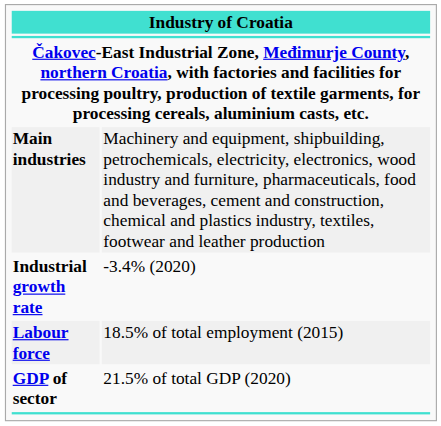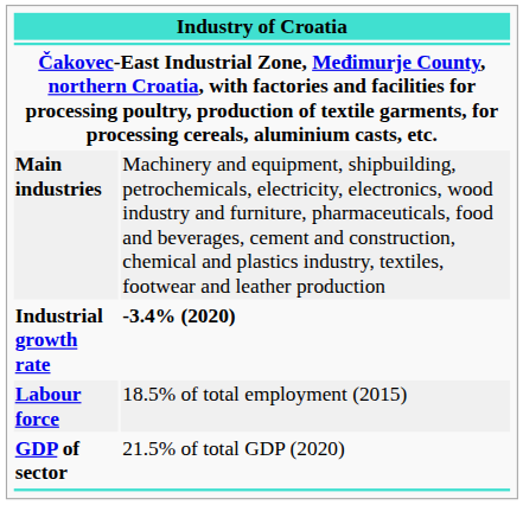 <table width="30%" style="toc: 30em; font-size: 95%; lucida grande, sans-serif; text-align: left;" class="infobox">
 <tr>
 <th align="center" bgcolor="turquoise" style="text-align:center" colspan="3">Industry of Croatia</th>
 </tr>
 <tr>
 <th align="center" bgcolor="turquoise" colspan="3"></th>
 </tr>
 <tr>
 <th colspan="2" style="text-align:center"><a href='#'>Čakovec</a>-East Industrial Zone, <a href='#'>Međimurje County</a>, <a href='#'>northern Croatia</a>, with factories and facilities for processing poultry, production of textile garments, for processing cereals, aluminium casts, etc.</th>
 </tr>
 <tr>
 <th style="background:#f0f0f0;" align="left" valign="top">Main industries</th>
 <td style="background:#f0f0f0;" valign="top">Machinery and equipment, shipbuilding, petrochemicals, electricity, electronics, wood industry and furniture, pharmaceuticals, food and beverages, cement and construction, chemical and plastics industry, textiles, footwear and leather production</td>
 </tr>
 <tr>
 <th align="left" valign="top">Industrial <a href='#'>growth rate</a></th>
-<td valign="top">-3.4% (2020)</td>
+<td valign="top"><strong>-3.4% (2020)</strong></td>
 </tr>
 <tr>
 <th style="background:#f0f0f0;" align="left" valign="top"><a href='#'>Labour force</a></th>
 <td style="background:#f0f0f0;" valign="top">18.5% of total employment (2015)</td>
 </tr>
 <tr>
 <th align="left" valign="top"><a href='#'>GDP</a> of sector</th>
 <td valign="top">21.5% of total GDP (2020)</td>
 </tr>
 <tr>
 <td align="center" bgcolor="turquoise" colspan="2"></td>
 </tr>
 </table>
